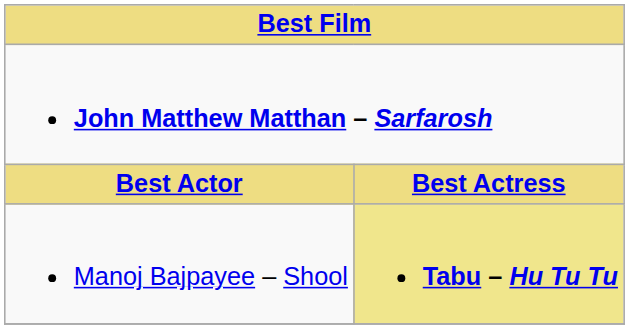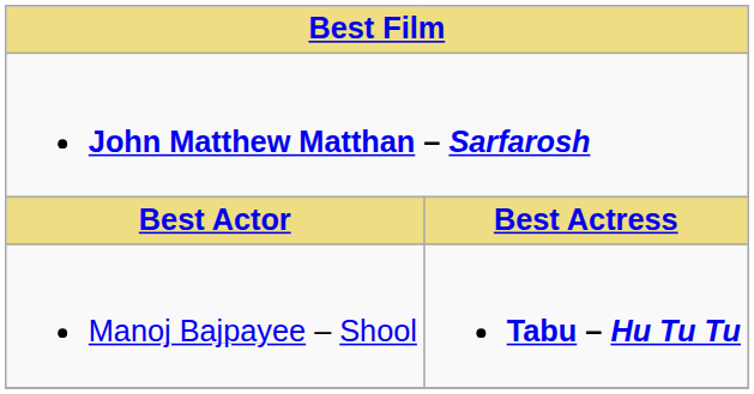 <table class="wikitable">
 <tr>
 <th ! style="background:#EEDD82;text-align:center;" colspan="2"><a href='#'>Best Film</a></th>
 </tr>
 <tr>
 <td valign="top" colspan="2"><br><ul><li><strong><a href='#'>John Matthew Matthan</a> – <em><a href='#'>Sarfarosh</a><strong><em></li></ul></td>
 </tr>
 <tr>
 <th ! style="background:#eedd82; text-align:center;"><a href='#'>Best Actor</a></th>
 <th ! style="background:#EEDD82;text-align:center;"><a href='#'>Best Actress</a></th>
 </tr>
 <tr>
 <td valign="top"><br><ul><li></strong><a href='#'>Manoj Bajpayee</a> – </em><a href='#'>Shool</a></em></strong></li></ul></td>
-<td valign="top" style="background: khaki;"><br><ul><li><strong><a href='#'>Tabu</a> – <em><a href='#'>Hu Tu Tu</a><strong><em></li></ul></td>
+<td valign="top"><br><ul><li><strong><a href='#'>Tabu</a> – <em><a href='#'>Hu Tu Tu</a><strong><em></li></ul></td>
 </tr>
 <tr>
 </tr>
 </table>
